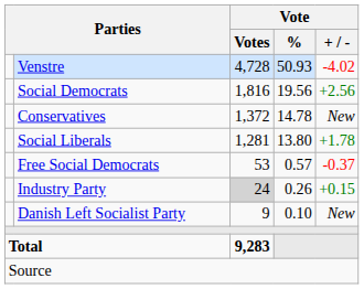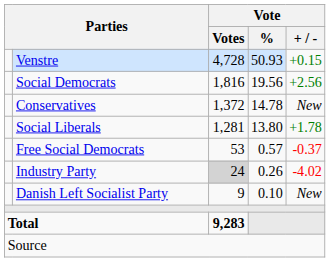 <table class="wikitable" style="text-align:right;">
 <tr>
 <th style="text-align:centre;" rowspan="2" colspan="2" width="225">Parties</th>
 <th colspan="3">Vote</th>
 </tr>
 <tr>
 <th width="15">Votes</th>
 <th width="15">%</th>
 <th width="15">+ / -</th>
 </tr>
 <tr>
 <td width="2" style="color:inherit;background:"></td>
 <td bgcolor=#cfe5fe  align="left"><a href='#'>Venstre</a></td>
 <td bgcolor=#cfe5fe>4,728</td>
 <td bgcolor=#cfe5fe>50.93</td>
-<td style=color:red;>-4.02</td>
+<td style=color:green;>+0.15</td>
 </tr>
 <tr>
 <td width="2" style="color:inherit;background:"></td>
 <td align="left"><a href='#'>Social Democrats</a></td>
 <td>1,816</td>
 <td>19.56</td>
 <td style=color:green;>+2.56</td>
 </tr>
 <tr>
 <td width="2" style="color:inherit;background:"></td>
 <td align="left"><a href='#'>Conservatives</a></td>
 <td>1,372</td>
 <td>14.78</td>
 <td><em>New</em></td>
 </tr>
 <tr>
 <td width="2" style="color:inherit;background:"></td>
 <td align="left"><a href='#'>Social Liberals</a></td>
 <td>1,281</td>
 <td>13.80</td>
 <td style=color:green;>+1.78</td>
 </tr>
 <tr>
 <td width="2" style="color:inherit;background:"></td>
 <td align="left"><a href='#'>Free Social Democrats</a></td>
 <td>53</td>
 <td>0.57</td>
 <td style=color:red;>-0.37</td>
 </tr>
 <tr>
 <td width="2" style="color:inherit;background:"></td>
 <td align="left"><a href='#'>Industry Party</a></td>
 <td style="background: lightgrey;">24</td>
 <td>0.26</td>
-<td style=color:green;>+0.15</td>
+<td style=color:red;>-4.02</td>
 </tr>
 <tr>
 <td width="2" style="color:inherit;background:"></td>
 <td align="left"><a href='#'>Danish Left Socialist Party</a></td>
 <td>9</td>
 <td>0.10</td>
 <td><em>New</em></td>
 </tr>
 <tr>
 <td colspan="7" bgcolor="#E9E9E9"></td>
 </tr>
 <tr>
 <td align="left" colspan="2"><strong>Total</strong></td>
 <td><strong>9,283</strong></td>
 <td bgcolor="#E9E9E9" colspan="2"></td>
 </tr>
 <tr>
 <td align="left" colspan="6">Source</td>
 </tr>
 </table>
